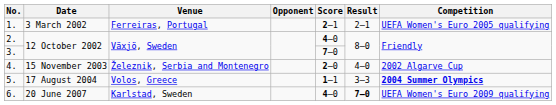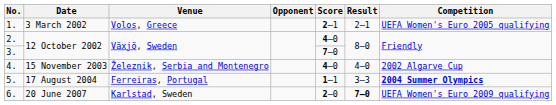 <table class="wikitable">
 <tr>
 <th>No.</th>
 <th>Date</th>
 <th>Venue</th>
 <th>Opponent</th>
 <th>Score</th>
 <th>Result</th>
 <th>Competition</th>
 </tr>
 <tr>
 <td>1.</td>
 <td>3 March 2002</td>
-<td><a href='#'>Ferreiras</a>, <a href='#'>Portugal</a></td>
+<td><a href='#'>Volos</a>, <a href='#'>Greece</a></td>
 <td></td>
 <td align=center><strong>2</strong>–1</td>
 <td align=center>2–1</td>
 <td><a href='#'>UEFA Women's Euro 2005 qualifying</a></td>
 </tr>
 <tr>
 <td>2.</td>
 <td rowspan=2>12 October 2002</td>
 <td rowspan=2><a href='#'>Växjö</a>, <a href='#'>Sweden</a></td>
 <td rowspan=2></td>
 <td align=center><strong>4</strong>–0</td>
 <td rowspan=2 align=center>8–0</td>
 <td rowspan=2><a href='#'>Friendly</a></td>
 </tr>
 <tr>
 <td>3.</td>
 <td align=center><strong>7</strong>–0</td>
 </tr>
 <tr>
 <td>4.</td>
 <td>15 November 2003</td>
 <td><a href='#'>Železnik</a>, <a href='#'>Serbia and Montenegro</a></td>
 <td></td>
-<td align=center><strong>2</strong>–0</td>
+<td align=center><strong>4</strong>–0</td>
 <td align=center>4–0</td>
 <td><a href='#'>2002 Algarve Cup</a></td>
 </tr>
 <tr>
 <td>5.</td>
 <td>17 August 2004</td>
-<td><a href='#'>Volos</a>, <a href='#'>Greece</a></td>
+<td><a href='#'>Ferreiras</a>, <a href='#'>Portugal</a></td>
 <td></td>
 <td align=center><strong>1</strong>–1</td>
 <td align=center>3–3</td>
 <td><strong><a href='#'>2004 Summer Olympics</a></strong></td>
 </tr>
 <tr>
 <td>6.</td>
 <td>20 June 2007</td>
 <td><a href='#'>Karlstad</a>, Sweden</td>
 <td></td>
-<td align=center><strong>4</strong>–0</td>
+<td align=center><strong>2</strong>–0</td>
 <td align=center><strong>7–0</strong></td>
 <td><a href='#'>UEFA Women's Euro 2009 qualifying</a></td>
 </tr>
 </table>
